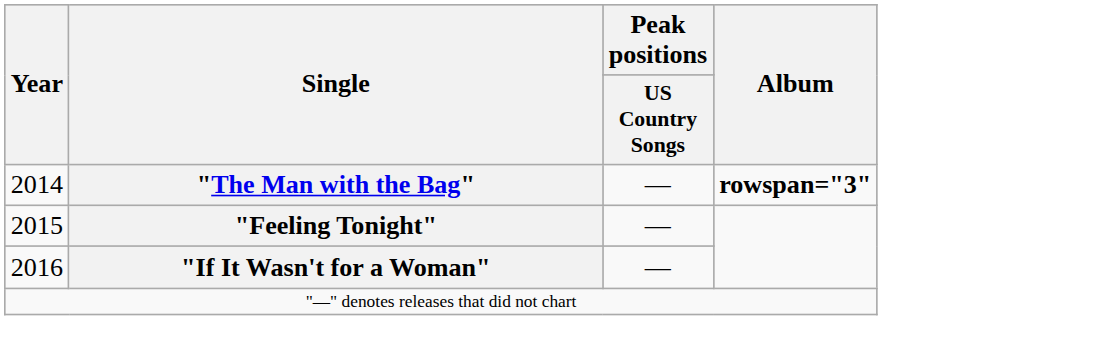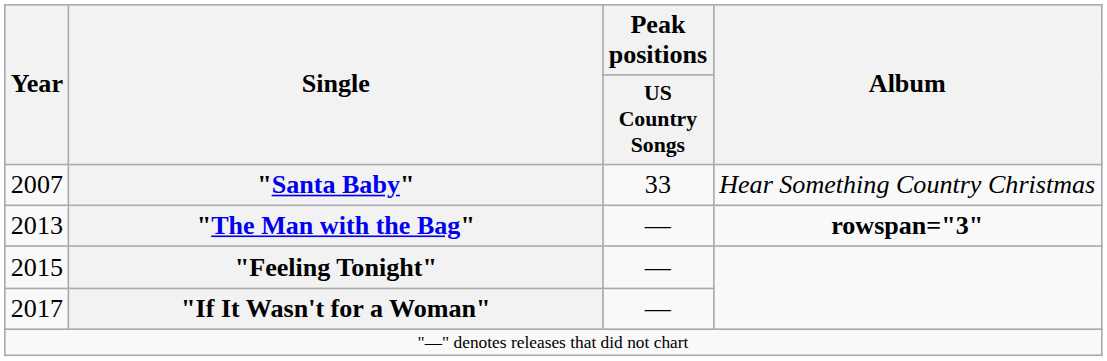 <table class="wikitable plainrowheaders" style="text-align:center;">
 <tr>
 <th rowspan="2">Year</th>
 <th rowspan="2" style="width:20em;">Single</th>
 <th>Peak positions</th>
 <th rowspan="2">Album</th>
 </tr>
 <tr style="font-size:smaller;">
 <th style="width:4em;">US Country Songs<br></th>
 </tr>
 <tr>
-<td>2014</td>
+<td>2007</td>
+<th scope="row">"<a href='#'>Santa Baby</a>"</th>
+<td>33</td>
+<td><em>Hear Something Country Christmas</em></td>
+</tr>
+<tr>
+<td>2013</td>
 <th scope="row">"<a href='#'>The Man with the Bag</a>"</th>
 <td>—</td>
 <td><strong>rowspan="3" </strong></td>
 </tr>
 <tr>
 <td>2015</td>
 <th scope="row">"Feeling Tonight"</th>
 <td>—</td>
 </tr>
 <tr>
-<td>2016</td>
+<td>2017</td>
 <th scope="row">"If It Wasn't for a Woman"</th>
 <td>—</td>
 </tr>
 <tr>
 <td colspan="4" style="font-size:8pt">"—" denotes releases that did not chart</td>
 </tr>
 </table>
